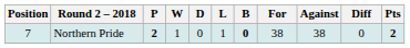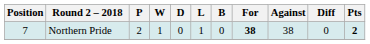 <table class="wikitable" style="text-align:center; font-size:85%;">
 <tr style="background: #d7ebed;">
 <th width="40" abbr="Position">Position</th>
 <th width="100">Round 2 – 2018</th>
 <th width="20" abbr="Played">P</th>
 <th width="20" abbr="Won">W</th>
 <th width="20" abbr="Drawn">D</th>
 <th width="20" abbr="Lost">L</th>
 <th width="20" abbr="Bye">B</th>
 <th width="40" abbr="Points for">For</th>
 <th width="40" abbr="Points against">Against</th>
 <th width="40" abbr="Points difference">Diff</th>
 <th width=20 abbr="Points">Pts</th>
 </tr>
 <tr style="background: #d7ebed;">
 <td>7</td>
 <td style="text-align:left;"> Northern Pride</td>
-<td><strong>2</strong></td>
+<td>2</td>
 <td>1</td>
 <td>0</td>
 <td>1</td>
-<td><strong>0</strong></td>
-<td>38</td>
+<td>0</td>
+<td><strong>38</strong></td>
 <td>38</td>
 <td>0</td>
 <td><strong>2</strong></td>
 </tr>
 <tr>
 </tr>
 </table>
